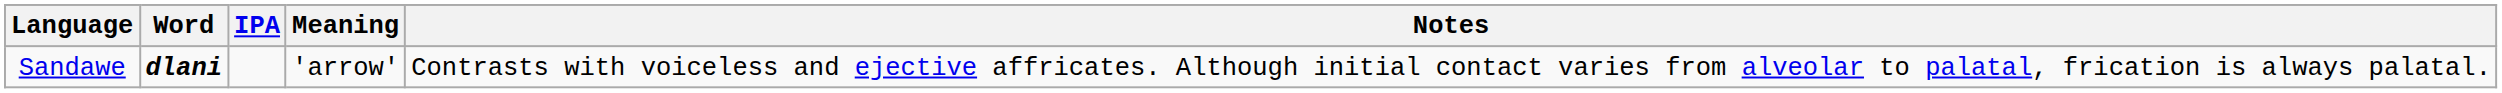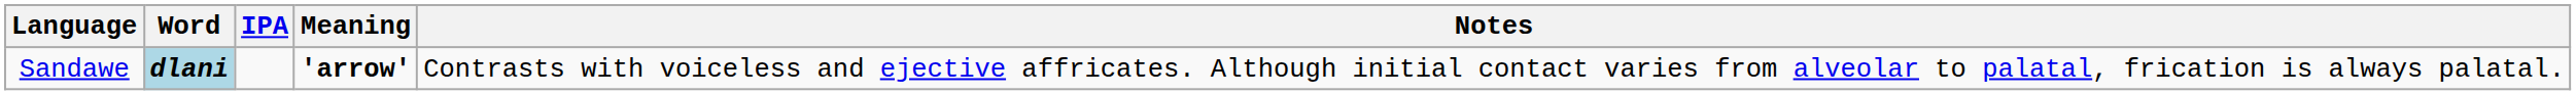 <table class="wikitable">
 <tr>
 <th colspan="2">Language</th>
 <th>Word</th>
 <th><a href='#'>IPA</a></th>
 <th>Meaning</th>
 <th>Notes</th>
 </tr>
 <tr>
 <td colspan="2" align="center"><a href='#'>Sandawe</a></td>
-<td align="center"><strong><em>dl<strong>ani<em></td>
+<td align="center" style="background: lightblue;"><strong><em>dl<strong>ani<em></td>
 <td align="center"></td>
-<td align="center">'arrow'</td>
+<td align="center"><strong>'arrow'</strong></td>
 <td>Contrasts with voiceless and <a href='#'>ejective</a> affricates. Although initial contact varies from <a href='#'>alveolar</a> to <a href='#'>palatal</a>, frication is always palatal.</td>
 </tr>
 </table>
